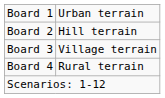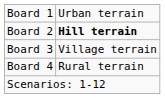 <table class="wikitable floatright">
 <tr>
 <td>Board 1</td>
 <td>Urban terrain</td>
 </tr>
 <tr>
 <td>Board 2</td>
-<td>Hill terrain</td>
+<td><strong>Hill terrain</strong></td>
 </tr>
 <tr>
 <td>Board 3</td>
 <td>Village terrain</td>
 </tr>
 <tr>
 <td>Board 4</td>
 <td>Rural terrain</td>
 </tr>
 <tr>
 <td colspan=2>Scenarios: 1-12</td>
 </tr>
 </table>
